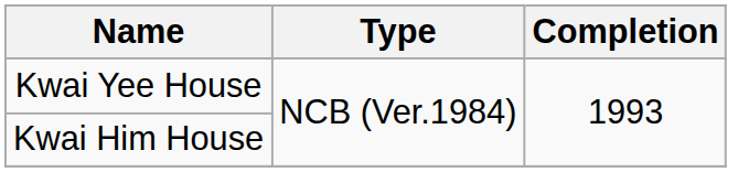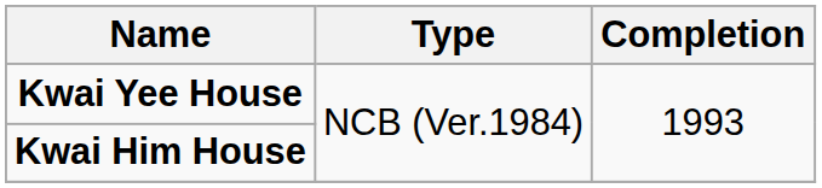 <table class="wikitable" style="text-align: center">
 <tr>
 <th>Name</th>
 <th>Type</th>
 <th>Completion</th>
 </tr>
 <tr>
-<td>Kwai Yee House</td>
+<td><strong>Kwai Yee House</strong></td>
 <td rowspan="2">NCB (Ver.1984)</td>
 <td rowspan="2">1993</td>
 </tr>
 <tr>
-<td>Kwai Him House</td>
+<td><strong>Kwai Him House</strong></td>
 </tr>
 <tr>
 </tr>
 </table>
